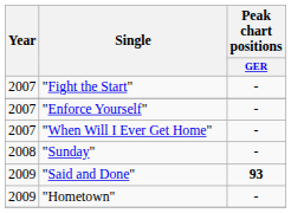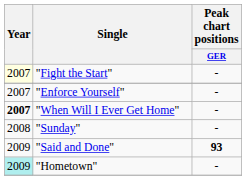 <table class="wikitable" style="text-align:center;">
 <tr>
 <th rowspan="2">Year</th>
 <th width="210" rowspan="2">Single</th>
 <th colspan="10">Peak chart positions</th>
 </tr>
 <tr>
 <th style="width:3em;font-size:75%"><a href='#'>GER</a></th>
 </tr>
 <tr>
-<td>2007</td>
+<td style="background: lightyellow;">2007</td>
 <td align="left">"<a href='#'>Fight the Start</a>"</td>
 <td>-</td>
 </tr>
 <tr>
 </tr>
 <tr>
 <td>2007</td>
 <td align="left">"<a href='#'>Enforce Yourself</a>"</td>
 <td>-</td>
 </tr>
 <tr>
-<td>2007</td>
+<td><strong>2007</strong></td>
 <td align="left">"<a href='#'>When Will I Ever Get Home</a>"</td>
 <td>-</td>
 </tr>
 <tr>
 <td>2008</td>
 <td align="left">"<a href='#'>Sunday</a>"</td>
 <td>-</td>
 </tr>
 <tr>
 <td>2009</td>
 <td align="left">"<a href='#'>Said and Done</a>"</td>
 <td><strong>93</strong></td>
 </tr>
 <tr>
-<td>2009</td>
+<td style="background: paleturquoise;">2009</td>
 <td align="left">"Hometown"</td>
 <td>-</td>
 </tr>
 <tr>
 </tr>
 </table>
